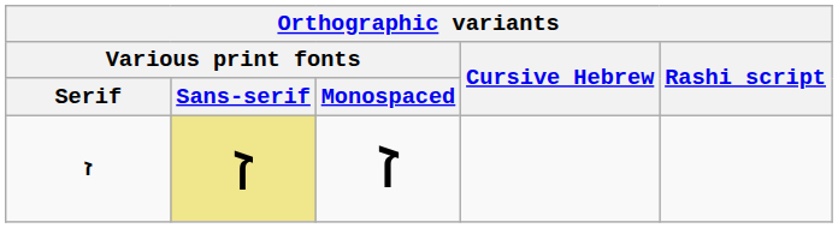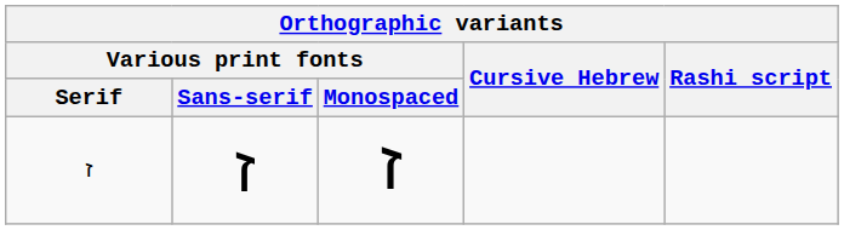 <table class="wikitable" style="text-align:center;">
 <tr>
 <th colspan=5><a href='#'>Orthographic</a> variants</th>
 </tr>
 <tr>
 <th colspan=3>Various print fonts</th>
 <th rowspan=2><a href='#'>Cursive Hebrew</a></th>
 <th rowspan=2><a href='#'>Rashi script</a></th>
 </tr>
 <tr>
 <th>Serif</th>
 <th><a href='#'>Sans-serif</a></th>
 <th><a href='#'>Monospaced</a></th>
 </tr>
 <tr>
-<td width=20%><strong><span>ז</span></strong></td>
-<td style="background: khaki; font:28pt Arial, 'DejaVu Sans Condensed', 'DejaVu Sans', Tahoma, 'Noto Sans Hebrew', Alef, sans-serif;">ז</td>
+<td width=20%><span>ז</span></td>
+<td style="font:28pt Arial, 'DejaVu Sans Condensed', 'DejaVu Sans', Tahoma, 'Noto Sans Hebrew', Alef, sans-serif;">ז</td>
 <td style="font:30pt 'Courier New', 'Miriam Fixed', 'Miriam Mono CLM', FreeMono, monospace;">ז</td>
 <td></td>
 <td></td>
 </tr>
 </table>
